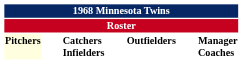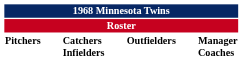 <table class="toccolours" style="font-size: 95%;">
 <tr>
 <th colspan="10" style="background-color: #072764; color: white; text-align: center;">1968 Minnesota Twins</th>
 </tr>
 <tr>
 <td colspan="10" style="background-color: #c6011f; color: white; text-align: center;"><strong>Roster</strong></td>
 </tr>
 <tr>
-<td valign="top" style="background: lightyellow;"><strong>Pitchers</strong><br>            </td>
+<td valign="top"><strong>Pitchers</strong><br>            </td>
 <td width="25px"></td>
 <td valign="top"><strong>Catchers</strong><br>    <strong>Infielders</strong>        </td>
 <td width="25px"></td>
 <td valign="top"><strong>Outfielders</strong><br>       </td>
 <td width="25px"></td>
 <td valign="top"><strong>Manager</strong><br> <strong>Coaches</strong>     </td>
 </tr>
 <tr>
 </tr>
 </table>
